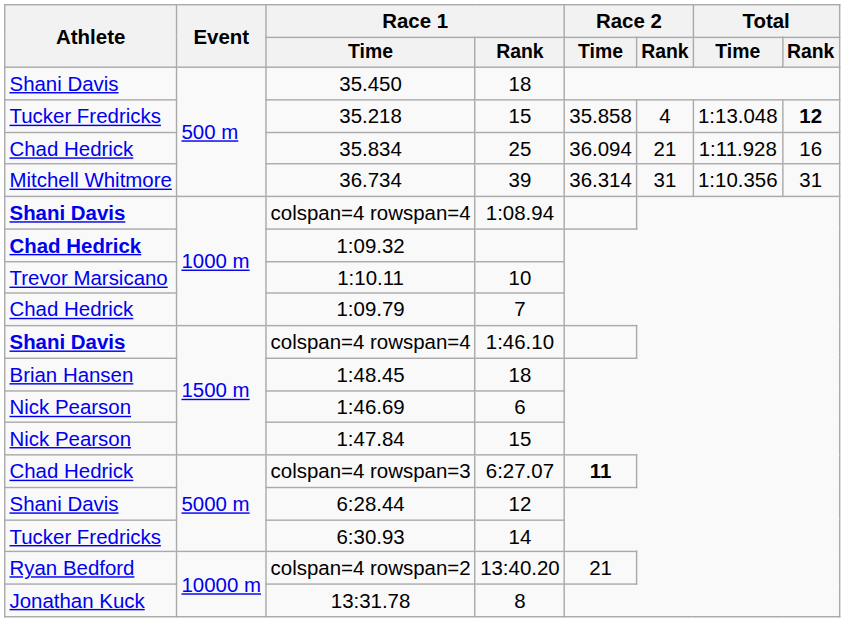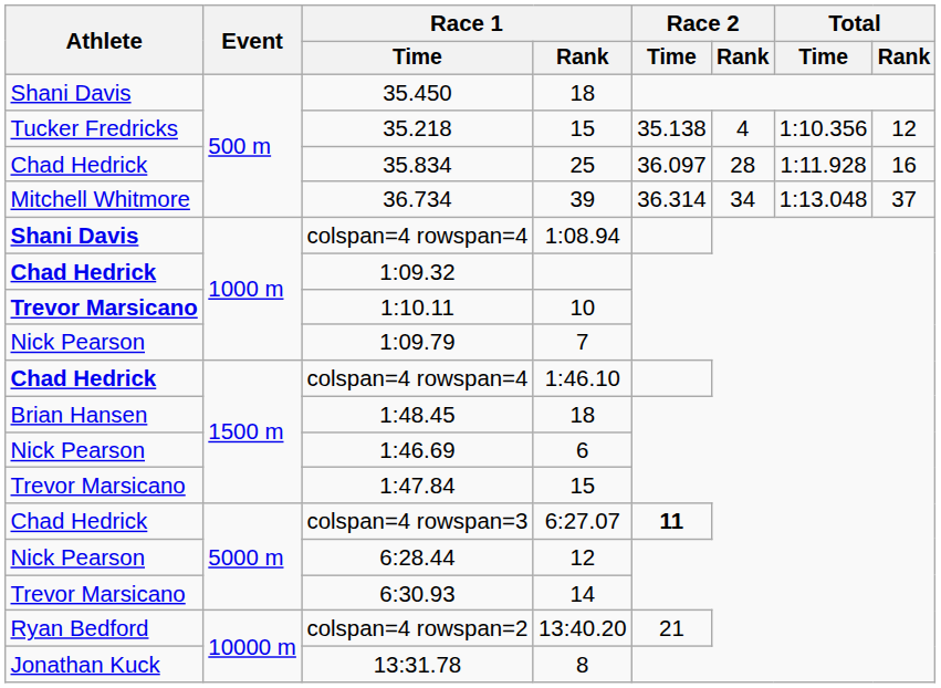 <table class=wikitable style=font-size:90%;text-align:center>
 <tr>
 <th rowspan=2>Athlete</th>
 <th rowspan=2>Event</th>
 <th colspan=2>Race 1</th>
 <th colspan=2>Race 2</th>
 <th colspan=2>Total</th>
 </tr>
 <tr style=font-size:95%>
 <th>Time</th>
 <th>Rank</th>
 <th>Time</th>
 <th>Rank</th>
 <th>Time</th>
 <th>Rank</th>
 </tr>
 <tr>
 <td align=left><a href='#'>Shani Davis</a></td>
 <td align=left rowspan=4><a href='#'>500 m</a></td>
 <td>35.450</td>
 <td>18</td>
 <td colspan=4></td>
 </tr>
 <tr>
 <td align=left><a href='#'>Tucker Fredricks</a></td>
 <td>35.218</td>
 <td>15</td>
-<td>35.858</td>
+<td>35.138</td>
 <td>4</td>
-<td>1:13.048</td>
-<td><strong>12</strong></td>
+<td>1:10.356</td>
+<td>12</td>
 </tr>
 <tr>
 <td align=left><a href='#'>Chad Hedrick</a></td>
 <td>35.834</td>
 <td>25</td>
-<td>36.094</td>
-<td>21</td>
+<td>36.097</td>
+<td>28</td>
 <td>1:11.928</td>
 <td>16</td>
 </tr>
 <tr>
 <td align=left><a href='#'>Mitchell Whitmore</a></td>
 <td>36.734</td>
 <td>39</td>
 <td>36.314</td>
-<td>31</td>
-<td>1:10.356</td>
-<td>31</td>
+<td>34</td>
+<td>1:13.048</td>
+<td>37</td>
 </tr>
 <tr>
 <td align=left><strong><a href='#'>Shani Davis</a></strong></td>
 <td align=left rowspan=4><a href='#'>1000 m</a></td>
 <td>colspan=4 rowspan=4 </td>
 <td>1:08.94</td>
 <td></td>
 </tr>
 <tr>
 <td align=left><strong><a href='#'>Chad Hedrick</a></strong></td>
 <td>1:09.32</td>
 <td></td>
 </tr>
 <tr>
-<td align=left><a href='#'>Trevor Marsicano</a></td>
+<td align=left><strong><a href='#'>Trevor Marsicano</a></strong></td>
 <td>1:10.11</td>
 <td>10</td>
 </tr>
 <tr>
-<td align=left><a href='#'>Chad Hedrick</a></td>
+<td align=left><a href='#'>Nick Pearson</a></td>
 <td>1:09.79</td>
 <td>7</td>
 </tr>
 <tr>
-<td align=left><strong><a href='#'>Shani Davis</a></strong></td>
+<td align=left><strong><a href='#'>Chad Hedrick</a></strong></td>
 <td align=left rowspan=4><a href='#'>1500 m</a></td>
 <td>colspan=4 rowspan=4 </td>
 <td>1:46.10</td>
 <td></td>
 </tr>
 <tr>
 <td align=left><a href='#'>Brian Hansen</a></td>
 <td>1:48.45</td>
 <td>18</td>
 </tr>
 <tr>
 <td align=left><a href='#'>Nick Pearson</a></td>
 <td>1:46.69</td>
 <td>6</td>
 </tr>
 <tr>
-<td align=left><a href='#'>Nick Pearson</a></td>
+<td align=left><a href='#'>Trevor Marsicano</a></td>
 <td>1:47.84</td>
 <td>15</td>
 </tr>
 <tr>
 <td align=left><a href='#'>Chad Hedrick</a></td>
 <td align=left rowspan=3><a href='#'>5000 m</a></td>
 <td>colspan=4 rowspan=3 </td>
 <td>6:27.07</td>
 <td><strong>11</strong></td>
 </tr>
 <tr>
-<td align=left><a href='#'>Shani Davis</a></td>
+<td align=left><a href='#'>Nick Pearson</a></td>
 <td>6:28.44</td>
 <td>12</td>
 </tr>
 <tr>
-<td align=left><a href='#'>Tucker Fredricks</a></td>
+<td align=left><a href='#'>Trevor Marsicano</a></td>
 <td>6:30.93</td>
 <td>14</td>
 </tr>
 <tr>
 <td align=left><a href='#'>Ryan Bedford</a></td>
 <td align=left rowspan=2><a href='#'>10000 m</a></td>
 <td>colspan=4 rowspan=2 </td>
 <td>13:40.20</td>
 <td>21</td>
 </tr>
 <tr>
 <td align=left><a href='#'>Jonathan Kuck</a></td>
 <td>13:31.78</td>
 <td>8</td>
 </tr>
 </table>
